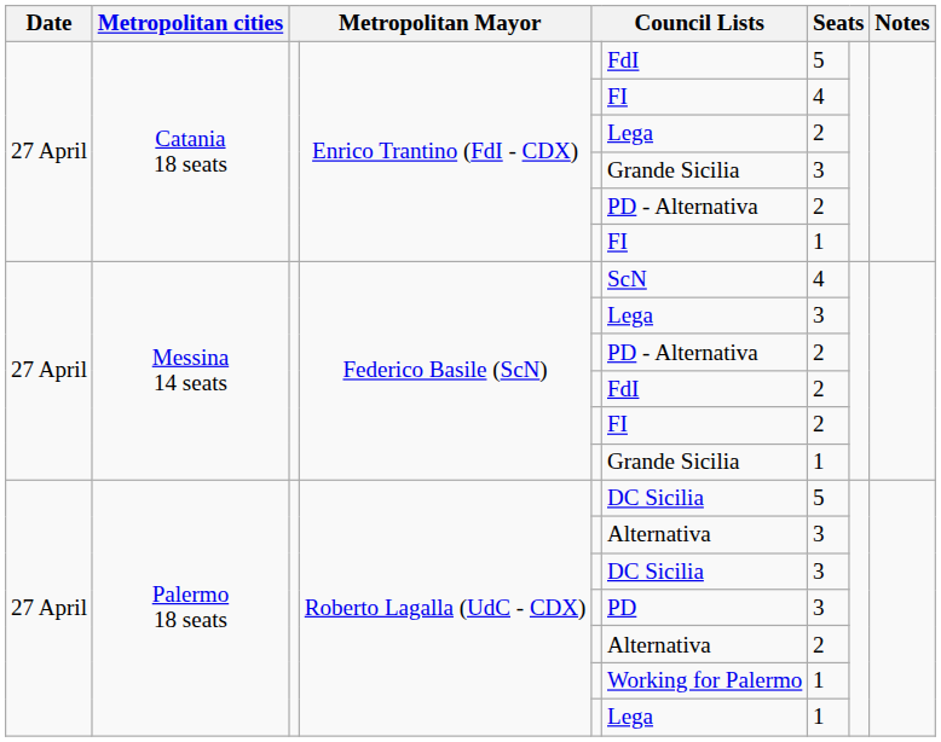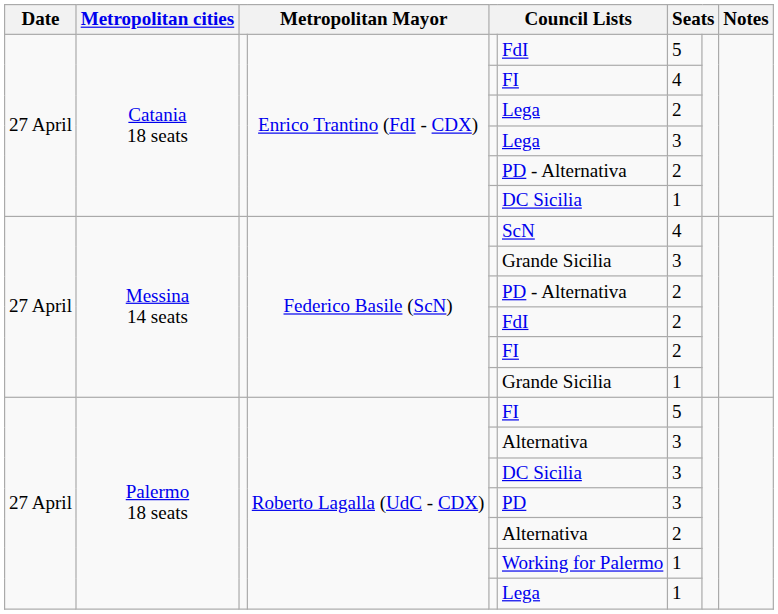 <table class="wikitable">
 <tr>
 <th>Date</th>
 <th><a href='#'>Metropolitan cities</a></th>
 <th colspan="2"><strong>Metropolitan Mayor</strong></th>
 <th colspan="2">Council Lists</th>
 <th colspan="2">Seats</th>
 <th>Notes</th>
 </tr>
 <tr>
 <td rowspan="6">27 April</td>
 <td rowspan="6" align="center"><a href='#'>Catania</a><br>18 seats</td>
 <td rowspan="6"></td>
 <td rowspan="6" align="center"><a href='#'>Enrico Trantino</a> (<a href='#'>FdI</a> - <a href='#'>CDX</a>)</td>
 <td></td>
 <td><a href='#'>FdI</a></td>
 <td>5</td>
 <td rowspan="6"></td>
 <td rowspan="6"></td>
 </tr>
 <tr>
 <td></td>
 <td><a href='#'>FI</a></td>
 <td>4</td>
 </tr>
 <tr>
 <td></td>
 <td><a href='#'>Lega</a></td>
 <td>2</td>
 </tr>
 <tr>
 <td></td>
-<td>Grande Sicilia</td>
+<td><a href='#'>Lega</a></td>
 <td>3</td>
 </tr>
 <tr>
 <td></td>
 <td><a href='#'>PD</a> - Alternativa</td>
 <td>2</td>
 </tr>
 <tr>
 <td></td>
-<td><a href='#'>FI</a></td>
+<td><a href='#'>DC Sicilia</a></td>
 <td>1</td>
 </tr>
 <tr>
 <td rowspan="6">27 April</td>
 <td rowspan="6" align="center"><a href='#'>Messina</a><br>14 seats</td>
 <td rowspan="6"></td>
 <td rowspan="6" align="center"><a href='#'>Federico Basile</a> (<a href='#'>ScN</a>)</td>
 <td></td>
 <td><a href='#'>ScN</a></td>
 <td>4</td>
 <td rowspan="6"></td>
 <td rowspan="6"></td>
 </tr>
 <tr>
 <td></td>
-<td><a href='#'>Lega</a></td>
+<td>Grande Sicilia</td>
 <td>3</td>
 </tr>
 <tr>
 <td></td>
 <td><a href='#'>PD</a> - Alternativa</td>
 <td>2</td>
 </tr>
 <tr>
 <td></td>
 <td><a href='#'>FdI</a></td>
 <td>2</td>
 </tr>
 <tr>
 <td></td>
 <td><a href='#'>FI</a></td>
 <td>2</td>
 </tr>
 <tr>
 <td></td>
 <td>Grande Sicilia</td>
 <td>1</td>
 </tr>
 <tr>
 <td rowspan="7">27 April</td>
 <td rowspan="7" align="center"><a href='#'>Palermo</a><br>18 seats</td>
 <td rowspan="7"></td>
 <td rowspan="7" align="center"><a href='#'>Roberto Lagalla</a> (<a href='#'>UdC</a> - <a href='#'>CDX</a>)</td>
 <td></td>
-<td><a href='#'>DC Sicilia</a></td>
+<td><a href='#'>FI</a></td>
 <td>5</td>
 <td rowspan="7"></td>
 <td rowspan="7"></td>
 </tr>
 <tr>
 <td></td>
 <td>Alternativa</td>
 <td>3</td>
 </tr>
 <tr>
 <td></td>
 <td><a href='#'>DC Sicilia</a></td>
 <td>3</td>
 </tr>
 <tr>
 <td></td>
 <td><a href='#'>PD</a></td>
 <td>3</td>
 </tr>
 <tr>
 <td></td>
 <td>Alternativa</td>
 <td>2</td>
 </tr>
 <tr>
 <td></td>
 <td><a href='#'>Working for Palermo</a></td>
 <td>1</td>
 </tr>
 <tr>
 <td></td>
 <td><a href='#'>Lega</a></td>
 <td>1</td>
 </tr>
 </table>
